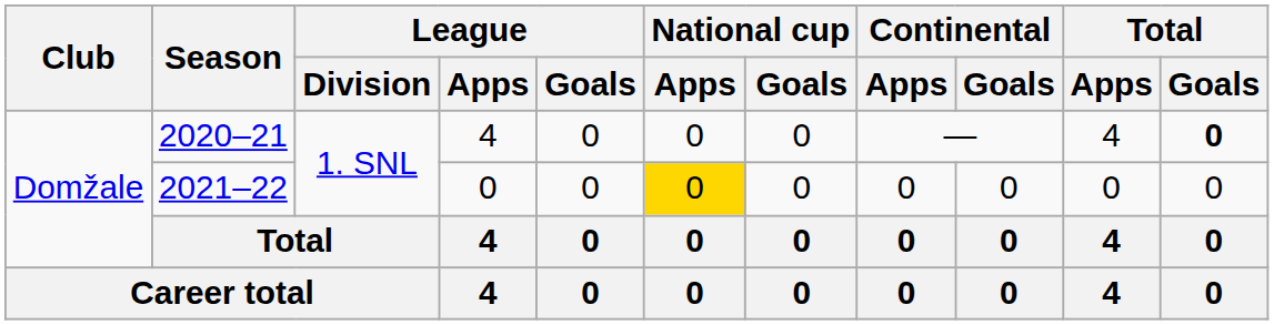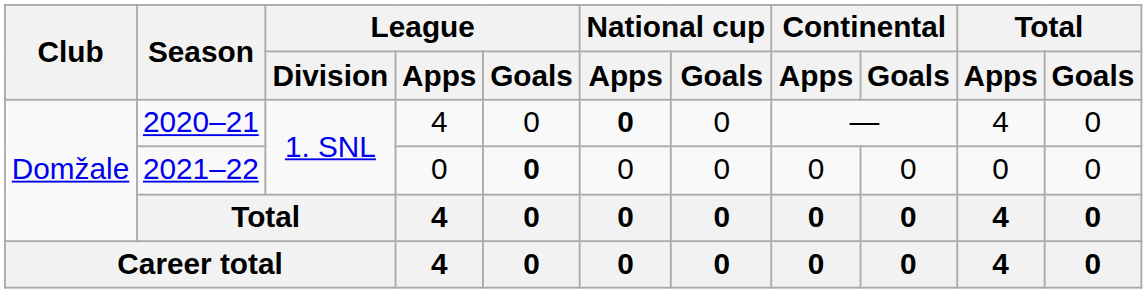 <table class="wikitable" style="text-align: center">
 <tr>
 <th rowspan="2">Club</th>
 <th rowspan="2">Season</th>
 <th colspan="3">League</th>
 <th colspan="2">National cup</th>
 <th colspan="2">Continental</th>
 <th colspan="2">Total</th>
 </tr>
 <tr>
 <th>Division</th>
 <th>Apps</th>
 <th>Goals</th>
 <th>Apps</th>
 <th>Goals</th>
 <th>Apps</th>
 <th>Goals</th>
 <th>Apps</th>
 <th>Goals</th>
 </tr>
 <tr>
 <td rowspan="3"><a href='#'>Domžale</a></td>
 <td><a href='#'>2020–21</a></td>
 <td rowspan="2"><a href='#'>1. SNL</a></td>
 <td>4</td>
 <td>0</td>
-<td>0</td>
+<td><strong>0</strong></td>
 <td>0</td>
 <td colspan="2">—</td>
 <td>4</td>
-<td><strong>0</strong></td>
+<td>0</td>
 </tr>
 <tr>
 <td><a href='#'>2021–22</a></td>
 <td>0</td>
+<td><strong>0</strong></td>
 <td>0</td>
-<td style="background: gold;">0</td>
 <td>0</td>
 <td>0</td>
 <td>0</td>
 <td>0</td>
 <td>0</td>
 </tr>
 <tr>
 <th colspan="2">Total</th>
 <th>4</th>
 <th>0</th>
 <th>0</th>
 <th>0</th>
 <th>0</th>
 <th>0</th>
 <th>4</th>
 <th>0</th>
 </tr>
 <tr>
 <th colspan=3>Career total</th>
 <th>4</th>
 <th>0</th>
 <th>0</th>
 <th>0</th>
 <th>0</th>
 <th>0</th>
 <th>4</th>
 <th>0</th>
 </tr>
 </table>
